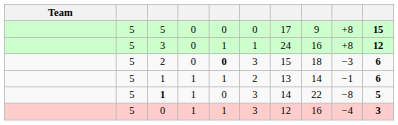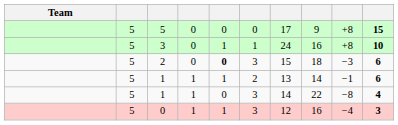 <table class="wikitable" style="text-align:center;">
 <tr>
 <th width=165>Team</th>
 <th width=40></th>
 <th width=40></th>
 <th width=40></th>
 <th width=40></th>
 <th width=40></th>
 <th width=40></th>
 <th width=40></th>
 <th width=40></th>
 <th width=40></th>
 </tr>
 <tr bgcolor=ccffcc>
 <td align=left></td>
 <td>5</td>
 <td>5</td>
 <td>0</td>
 <td>0</td>
 <td>0</td>
 <td>17</td>
 <td>9</td>
 <td>+8</td>
 <td><strong>15</strong></td>
 </tr>
 <tr bgcolor=ccffcc>
 <td align=left></td>
 <td>5</td>
 <td>3</td>
 <td>0</td>
 <td>1</td>
 <td>1</td>
 <td>24</td>
 <td>16</td>
 <td>+8</td>
-<td><strong>12</strong></td>
+<td><strong>10</strong></td>
 </tr>
 <tr>
 <td align=left></td>
 <td>5</td>
 <td>2</td>
 <td>0</td>
 <td><strong>0</strong></td>
 <td>3</td>
 <td>15</td>
 <td>18</td>
 <td>−3</td>
 <td><strong>6</strong></td>
 </tr>
 <tr>
 <td align=left></td>
 <td>5</td>
 <td>1</td>
 <td>1</td>
 <td>1</td>
 <td>2</td>
 <td>13</td>
 <td>14</td>
 <td>−1</td>
 <td><strong>6</strong></td>
 </tr>
 <tr>
 <td align=left></td>
 <td>5</td>
-<td><strong>1</strong></td>
+<td>1</td>
 <td>1</td>
 <td>0</td>
 <td>3</td>
 <td>14</td>
 <td>22</td>
 <td>−8</td>
-<td><strong>5</strong></td>
+<td><strong>4</strong></td>
 </tr>
 <tr bgcolor=ffcccc>
 <td align=left></td>
 <td>5</td>
 <td>0</td>
 <td>1</td>
 <td>1</td>
 <td>3</td>
 <td>12</td>
 <td>16</td>
 <td>−4</td>
 <td><strong>3</strong></td>
 </tr>
 </table>
